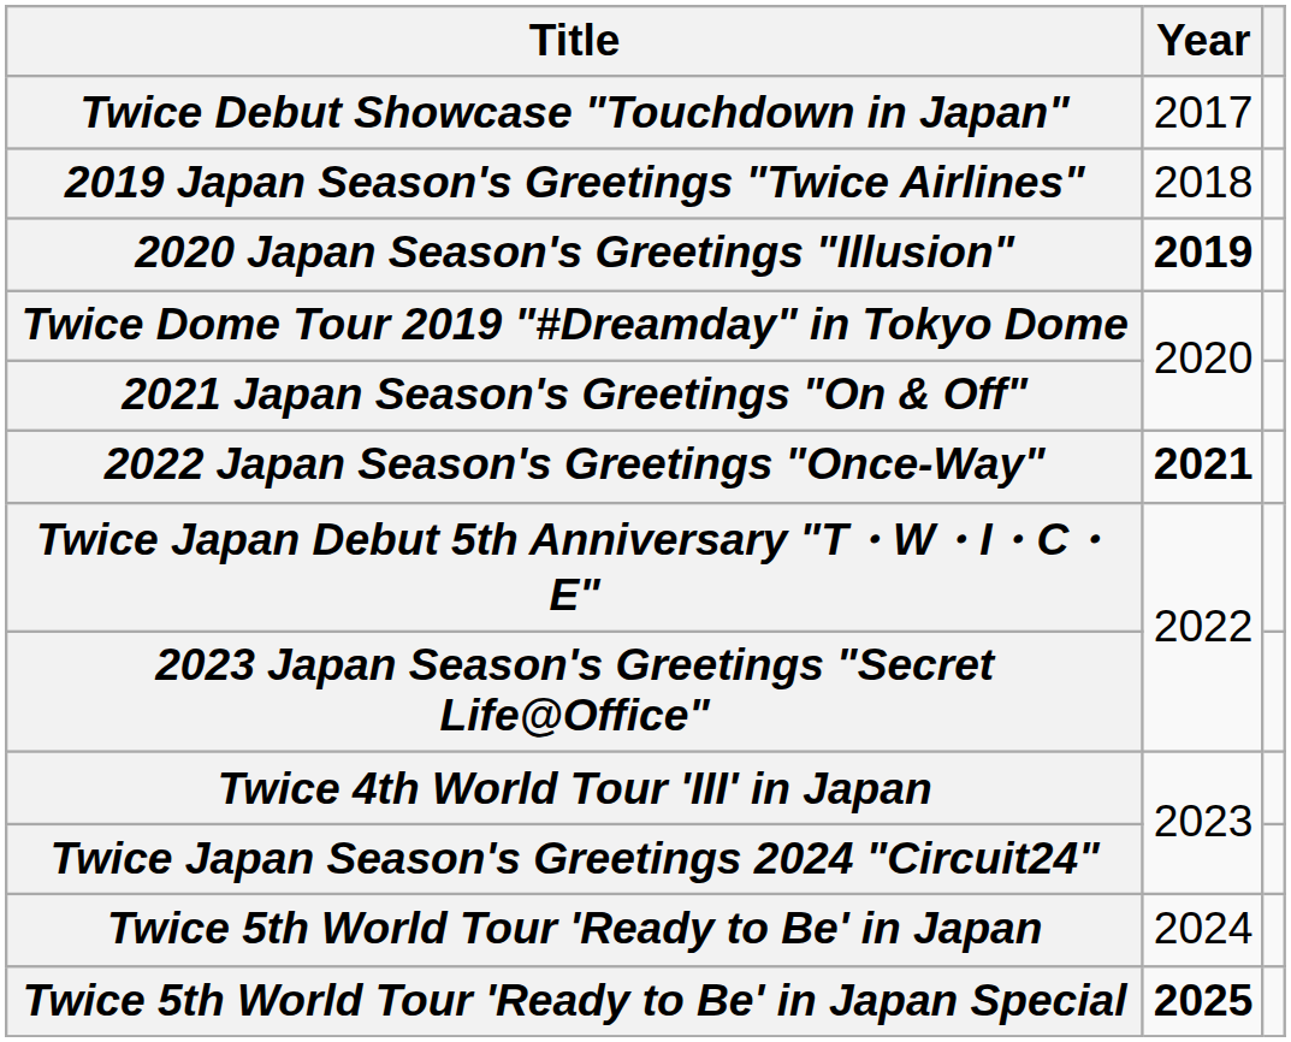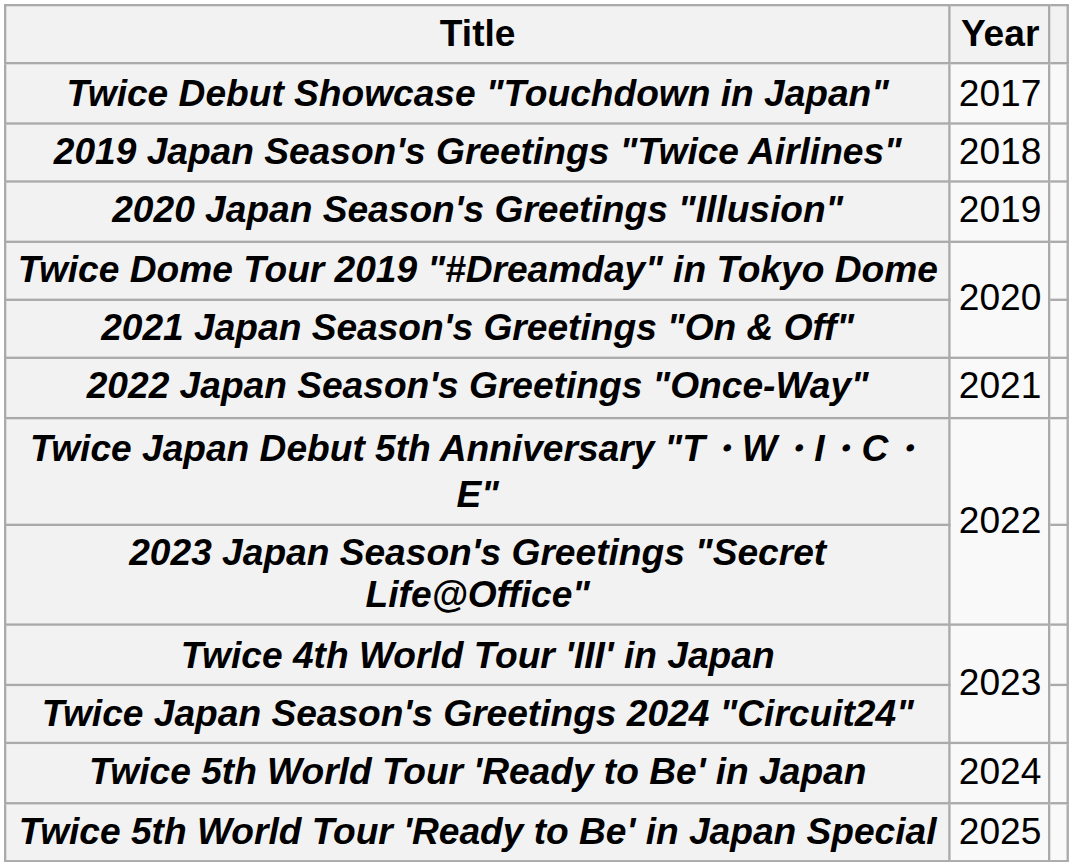 <table class="wikitable plainrowheaders">
 <tr>
 <th style="width:25em;">Title</th>
 <th>Year</th>
 <th></th>
 </tr>
 <tr>
 <th scope=row><em>Twice Debut Showcase "Touchdown in Japan"</em></th>
 <td>2017</td>
 <td></td>
 </tr>
 <tr>
 <th scope=row><em>2019 Japan Season's Greetings "Twice Airlines"</em></th>
 <td>2018</td>
 <td></td>
 </tr>
 <tr>
 <th scope=row><em>2020 Japan Season's Greetings "Illusion"</em></th>
-<td><strong>2019</strong></td>
+<td>2019</td>
 <td></td>
 </tr>
 <tr>
 <th scope=row><em>Twice Dome Tour 2019 "#Dreamday" in Tokyo Dome</em></th>
 <td rowspan=2>2020</td>
 <td></td>
 </tr>
 <tr>
 <th scope=row><em>2021 Japan Season's Greetings "On & Off"</em></th>
 <td></td>
 </tr>
 <tr>
 <th scope=row><em>2022 Japan Season's Greetings "Once-Way"</em></th>
-<td><strong>2021</strong></td>
+<td>2021</td>
 <td></td>
 </tr>
 <tr>
 <th scope=row><em>Twice Japan Debut 5th Anniversary "T・W・I・C・E"</em></th>
 <td rowspan=2>2022</td>
 <td></td>
 </tr>
 <tr>
 <th scope=row><em>2023 Japan Season's Greetings "Secret Life@Office"</em></th>
 <td></td>
 </tr>
 <tr>
 <th scope=row><em>Twice 4th World Tour 'III' in Japan</em></th>
 <td rowspan=2>2023</td>
 <td></td>
 </tr>
 <tr>
 <th scope=row><em>Twice Japan Season's Greetings 2024 "Circuit24"</em></th>
 <td></td>
 </tr>
 <tr>
 <th scope=row><em>Twice 5th World Tour 'Ready to Be' in Japan</em></th>
 <td>2024</td>
 <td></td>
 </tr>
 <tr>
 <th scope=row><em>Twice 5th World Tour 'Ready to Be' in Japan Special</em></th>
-<td><strong>2025</strong></td>
+<td>2025</td>
 <td></td>
 </tr>
 </table>
